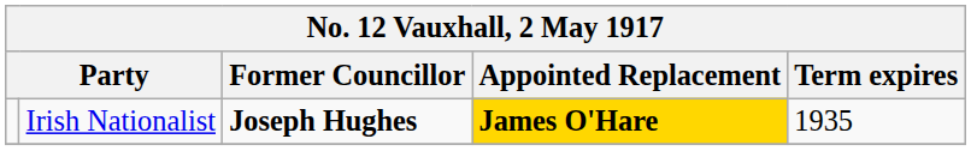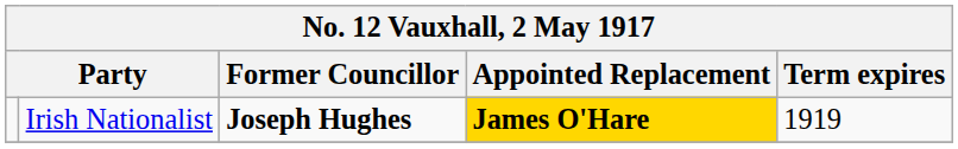 <table class="wikitable">
 <tr>
 <th colspan="5"><strong>No. 12 Vauxhall, 2 May 1917</strong></th>
 </tr>
 <tr>
 <th colspan="2">Party</th>
 <th>Former Councillor</th>
 <th>Appointed Replacement</th>
 <th>Term expires</th>
 </tr>
 <tr>
 <td style="background-color:"></td>
 <td><a href='#'>Irish Nationalist</a></td>
 <td><strong>Joseph Hughes</strong></td>
 <td style="background: gold;"><strong>James O'Hare</strong></td>
-<td>1935</td>
+<td>1919</td>
 </tr>
 <tr>
 </tr>
 </table>
